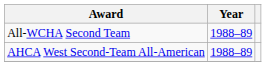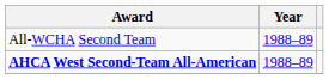 <table class="wikitable">
 <tr>
 <th>Award</th>
 <th>Year</th>
 <th></th>
 </tr>
 <tr>
 <td>All-<a href='#'>WCHA</a> <a href='#'>Second Team</a></td>
 <td><a href='#'>1988–89</a></td>
 <td></td>
 </tr>
 <tr>
-<td><a href='#'>AHCA</a> <a href='#'>West Second-Team All-American</a></td>
+<td><strong><a href='#'>AHCA</a> <a href='#'>West Second-Team All-American</a></strong></td>
 <td><a href='#'>1988–89</a></td>
 <td></td>
 </tr>
 <tr>
 </tr>
 </table>
